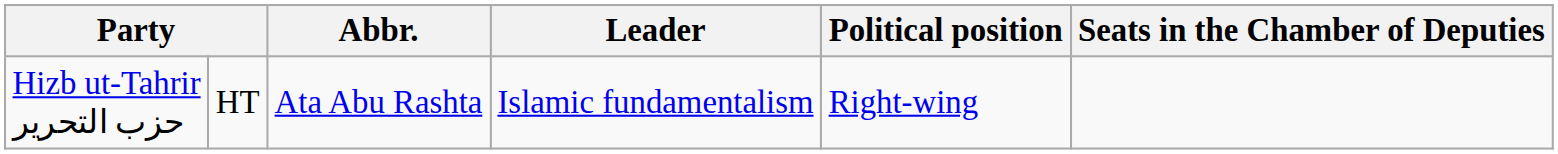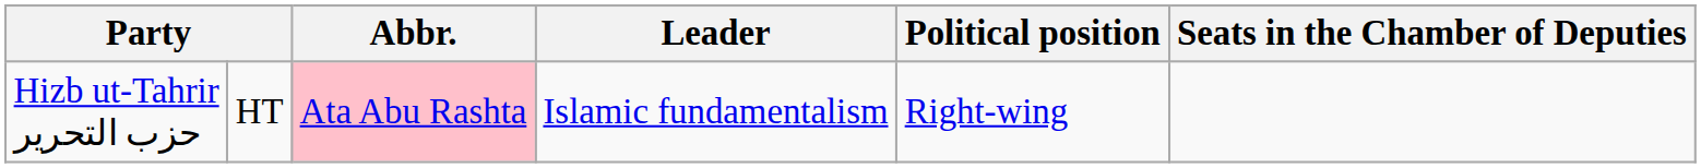 <table class="wikitable">
 <tr>
 <th colspan=2>Party</th>
 <th>Abbr.</th>
 <th>Leader</th>
 <th>Political position</th>
 <th>Seats in the Chamber of Deputies</th>
 </tr>
 <tr>
 <td><a href='#'>Hizb ut-Tahrir</a><br><span>حزب التحرير</span></td>
 <td>HT</td>
-<td><a href='#'>Ata Abu Rashta</a></td>
+<td style="background: pink;"><a href='#'>Ata Abu Rashta</a></td>
 <td><a href='#'>Islamic fundamentalism</a></td>
 <td><a href='#'>Right-wing</a></td>
 </tr>
 </table>
